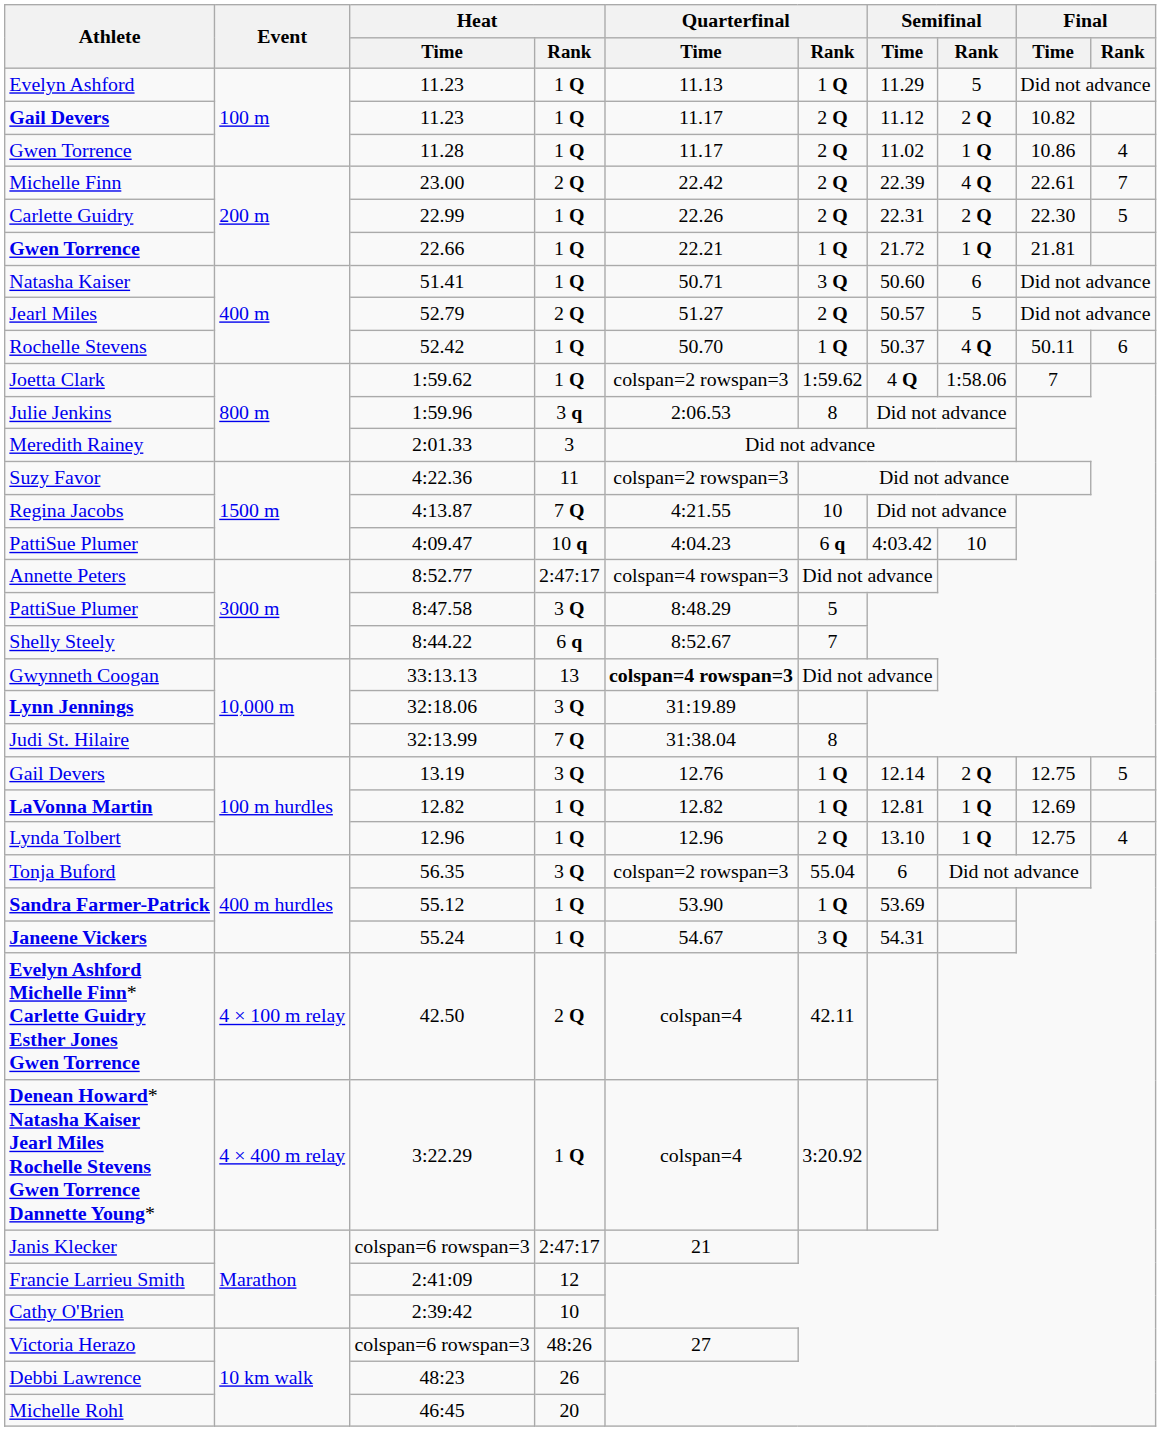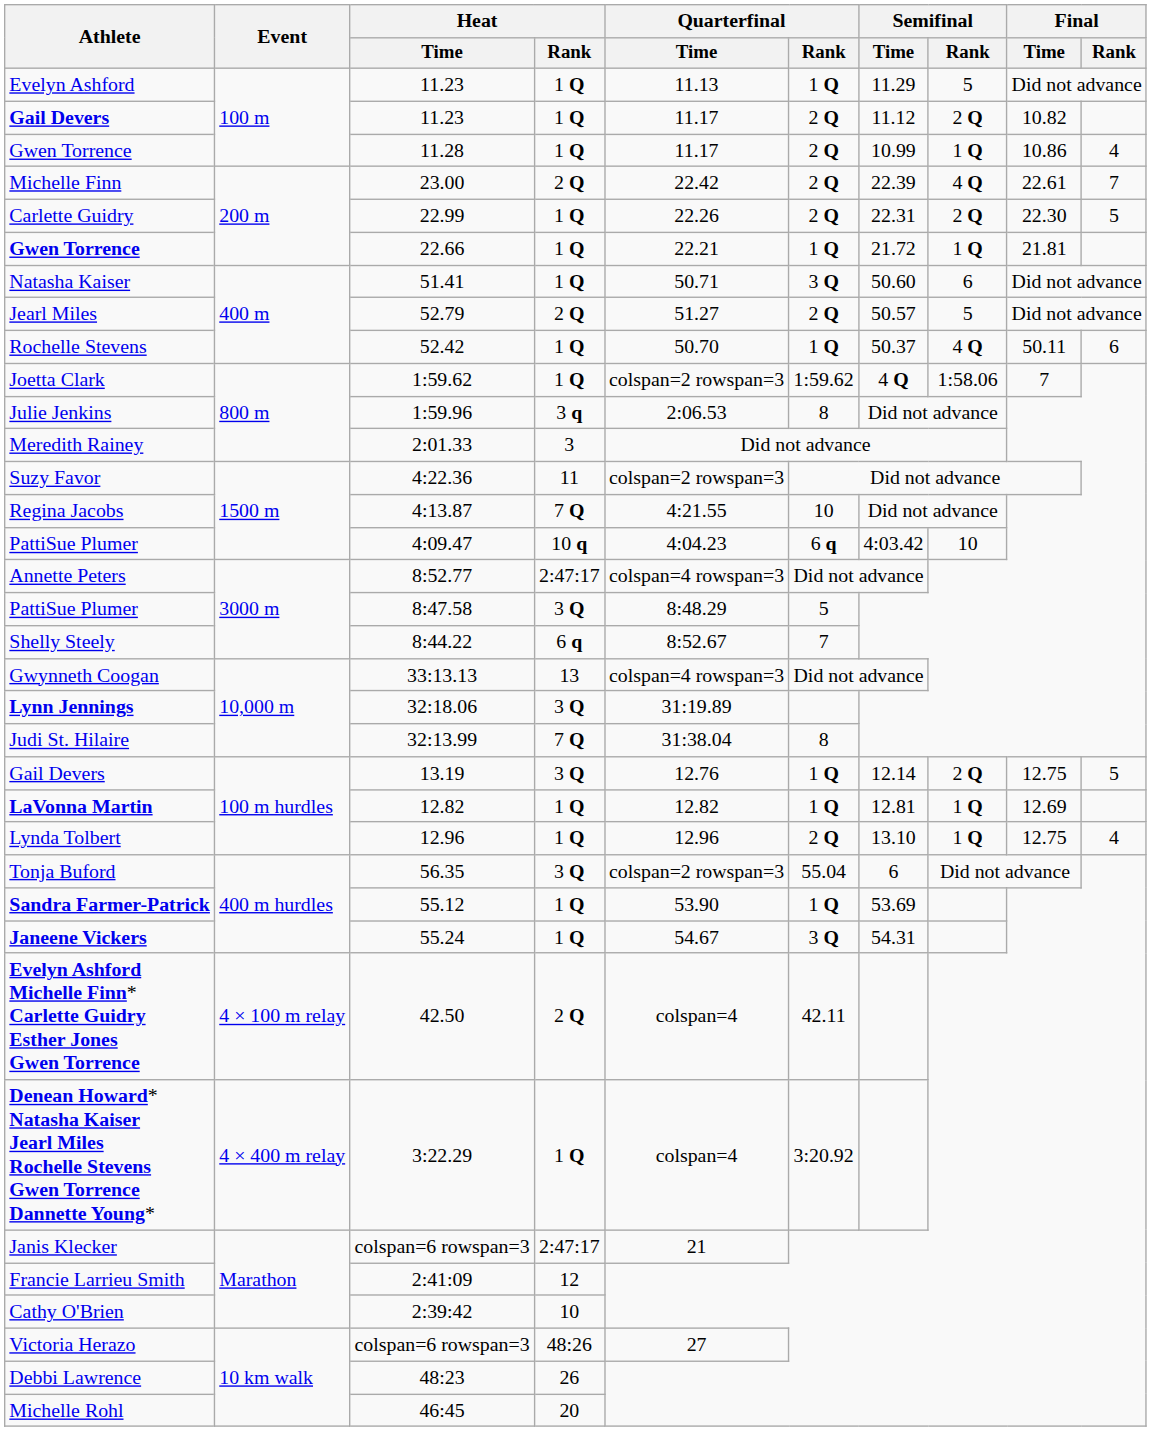 <table class=wikitable style=font-size:90%;text-align:center>
 <tr>
 <th rowspan=2>Athlete</th>
 <th rowspan=2>Event</th>
 <th colspan=2>Heat</th>
 <th colspan=2>Quarterfinal</th>
 <th colspan=2>Semifinal</th>
 <th colspan=2>Final</th>
 </tr>
 <tr style=font-size:95%>
 <th>Time</th>
 <th>Rank</th>
 <th>Time</th>
 <th>Rank</th>
 <th>Time</th>
 <th>Rank</th>
 <th>Time</th>
 <th>Rank</th>
 </tr>
 <tr>
 <td align=left><a href='#'>Evelyn Ashford</a></td>
 <td align=left rowspan=3><a href='#'>100 m</a></td>
 <td>11.23</td>
 <td>1 <strong>Q</strong></td>
 <td>11.13</td>
 <td>1 <strong>Q</strong></td>
 <td>11.29</td>
 <td>5</td>
 <td colspan=2>Did not advance</td>
 </tr>
 <tr>
 <td align=left><strong><a href='#'>Gail Devers</a></strong></td>
 <td>11.23</td>
 <td>1 <strong>Q</strong></td>
 <td>11.17</td>
 <td>2 <strong>Q</strong></td>
 <td>11.12</td>
 <td>2 <strong>Q</strong></td>
 <td>10.82</td>
 <td></td>
 </tr>
 <tr>
 <td align=left><a href='#'>Gwen Torrence</a></td>
 <td>11.28</td>
 <td>1 <strong>Q</strong></td>
 <td>11.17</td>
 <td>2 <strong>Q</strong></td>
-<td>11.02</td>
+<td>10.99</td>
 <td>1 <strong>Q</strong></td>
 <td>10.86</td>
 <td>4</td>
 </tr>
 <tr>
 <td align=left><a href='#'>Michelle Finn</a></td>
 <td align=left rowspan=3><a href='#'>200 m</a></td>
 <td>23.00</td>
 <td>2 <strong>Q</strong></td>
 <td>22.42</td>
 <td>2 <strong>Q</strong></td>
 <td>22.39</td>
 <td>4 <strong>Q</strong></td>
 <td>22.61</td>
 <td>7</td>
 </tr>
 <tr>
 <td align=left><a href='#'>Carlette Guidry</a></td>
 <td>22.99</td>
 <td>1 <strong>Q</strong></td>
 <td>22.26</td>
 <td>2 <strong>Q</strong></td>
 <td>22.31</td>
 <td>2 <strong>Q</strong></td>
 <td>22.30</td>
 <td>5</td>
 </tr>
 <tr>
 <td align=left><strong><a href='#'>Gwen Torrence</a></strong></td>
 <td>22.66</td>
 <td>1 <strong>Q</strong></td>
 <td>22.21</td>
 <td>1 <strong>Q</strong></td>
 <td>21.72</td>
 <td>1 <strong>Q</strong></td>
 <td>21.81</td>
 <td></td>
 </tr>
 <tr>
 <td align=left><a href='#'>Natasha Kaiser</a></td>
 <td align=left rowspan=3><a href='#'>400 m</a></td>
 <td>51.41</td>
 <td>1 <strong>Q</strong></td>
 <td>50.71</td>
 <td>3 <strong>Q</strong></td>
 <td>50.60</td>
 <td>6</td>
 <td colspan=2>Did not advance</td>
 </tr>
 <tr>
 <td align=left><a href='#'>Jearl Miles</a></td>
 <td>52.79</td>
 <td>2 <strong>Q</strong></td>
 <td>51.27</td>
 <td>2 <strong>Q</strong></td>
 <td>50.57</td>
 <td>5</td>
 <td colspan=2>Did not advance</td>
 </tr>
 <tr>
 <td align=left><a href='#'>Rochelle Stevens</a></td>
 <td>52.42</td>
 <td>1 <strong>Q</strong></td>
 <td>50.70</td>
 <td>1 <strong>Q</strong></td>
 <td>50.37</td>
 <td>4 <strong>Q</strong></td>
 <td>50.11</td>
 <td>6</td>
 </tr>
 <tr>
 <td align=left><a href='#'>Joetta Clark</a></td>
 <td align=left rowspan=3><a href='#'>800 m</a></td>
 <td>1:59.62</td>
 <td>1 <strong>Q</strong></td>
 <td>colspan=2 rowspan=3 </td>
 <td>1:59.62</td>
 <td>4 <strong>Q</strong></td>
 <td>1:58.06</td>
 <td>7</td>
 </tr>
 <tr>
 <td align=left><a href='#'>Julie Jenkins</a></td>
 <td>1:59.96</td>
 <td>3 <strong>q</strong></td>
 <td>2:06.53</td>
 <td>8</td>
 <td colspan=2>Did not advance</td>
 </tr>
 <tr>
 <td align=left><a href='#'>Meredith Rainey</a></td>
 <td>2:01.33</td>
 <td>3</td>
 <td colspan=4>Did not advance</td>
 </tr>
 <tr>
 <td align=left><a href='#'>Suzy Favor</a></td>
 <td align=left rowspan=3><a href='#'>1500 m</a></td>
 <td>4:22.36</td>
 <td>11</td>
 <td>colspan=2 rowspan=3 </td>
 <td colspan=4>Did not advance</td>
 </tr>
 <tr>
 <td align=left><a href='#'>Regina Jacobs</a></td>
 <td>4:13.87</td>
 <td>7 <strong>Q</strong></td>
 <td>4:21.55</td>
 <td>10</td>
 <td colspan=2>Did not advance</td>
 </tr>
 <tr>
 <td align=left><a href='#'>PattiSue Plumer</a></td>
 <td>4:09.47</td>
 <td>10 <strong>q</strong></td>
 <td>4:04.23</td>
 <td>6 <strong>q</strong></td>
 <td>4:03.42</td>
 <td>10</td>
 </tr>
 <tr>
 <td align=left><a href='#'>Annette Peters</a></td>
 <td align=left rowspan=3><a href='#'>3000 m</a></td>
 <td>8:52.77</td>
 <td>2:47:17</td>
 <td>colspan=4 rowspan=3 </td>
 <td colspan=2>Did not advance</td>
 </tr>
 <tr>
 <td align=left><a href='#'>PattiSue Plumer</a></td>
 <td>8:47.58</td>
 <td>3 <strong>Q</strong></td>
 <td>8:48.29</td>
 <td>5</td>
 </tr>
 <tr>
 <td align=left><a href='#'>Shelly Steely</a></td>
 <td>8:44.22</td>
 <td>6 <strong>q</strong></td>
 <td>8:52.67</td>
 <td>7</td>
 </tr>
 <tr>
 <td align=left><a href='#'>Gwynneth Coogan</a></td>
 <td align=left rowspan=3><a href='#'>10,000 m</a></td>
 <td>33:13.13</td>
 <td>13</td>
-<td><strong>colspan=4 rowspan=3 </strong></td>
+<td>colspan=4 rowspan=3 </td>
 <td colspan=2>Did not advance</td>
 </tr>
 <tr>
 <td align=left><strong><a href='#'>Lynn Jennings</a></strong></td>
 <td>32:18.06</td>
 <td>3 <strong>Q</strong></td>
 <td>31:19.89</td>
 <td></td>
 </tr>
 <tr>
 <td align=left><a href='#'>Judi St. Hilaire</a></td>
 <td>32:13.99</td>
 <td>7 <strong>Q</strong></td>
 <td>31:38.04</td>
 <td>8</td>
 </tr>
 <tr>
 <td align=left><a href='#'>Gail Devers</a></td>
 <td align=left rowspan=3><a href='#'>100 m hurdles</a></td>
 <td>13.19</td>
 <td>3 <strong>Q</strong></td>
 <td>12.76</td>
 <td>1 <strong>Q</strong></td>
 <td>12.14</td>
 <td>2 <strong>Q</strong></td>
 <td>12.75</td>
 <td>5</td>
 </tr>
 <tr>
 <td align=left><strong><a href='#'>LaVonna Martin</a></strong></td>
 <td>12.82</td>
 <td>1 <strong>Q</strong></td>
 <td>12.82</td>
 <td>1 <strong>Q</strong></td>
 <td>12.81</td>
 <td>1 <strong>Q</strong></td>
 <td>12.69</td>
 <td></td>
 </tr>
 <tr>
 <td align=left><a href='#'>Lynda Tolbert</a></td>
 <td>12.96</td>
 <td>1 <strong>Q</strong></td>
 <td>12.96</td>
 <td>2 <strong>Q</strong></td>
 <td>13.10</td>
 <td>1 <strong>Q</strong></td>
 <td>12.75</td>
 <td>4</td>
 </tr>
 <tr>
 <td align=left><a href='#'>Tonja Buford</a></td>
 <td align=left rowspan=3><a href='#'>400 m hurdles</a></td>
 <td>56.35</td>
 <td>3 <strong>Q</strong></td>
 <td>colspan=2 rowspan=3 </td>
 <td>55.04</td>
 <td>6</td>
 <td colspan=2>Did not advance</td>
 </tr>
 <tr>
 <td align=left><strong><a href='#'>Sandra Farmer-Patrick</a></strong></td>
 <td>55.12</td>
 <td>1 <strong>Q</strong></td>
 <td>53.90</td>
 <td>1 <strong>Q</strong></td>
 <td>53.69</td>
 <td></td>
 </tr>
 <tr>
 <td align=left><strong><a href='#'>Janeene Vickers</a></strong></td>
 <td>55.24</td>
 <td>1 <strong>Q</strong></td>
 <td>54.67</td>
 <td>3 <strong>Q</strong></td>
 <td>54.31</td>
 <td></td>
 </tr>
 <tr>
 <td align=left><strong><a href='#'>Evelyn Ashford</a><br><a href='#'>Michelle Finn</a></strong>*<strong><br><a href='#'>Carlette Guidry</a><br><a href='#'>Esther Jones</a><br><a href='#'>Gwen Torrence</a></strong></td>
 <td align=left><a href='#'>4 × 100 m relay</a></td>
 <td>42.50</td>
 <td>2 <strong>Q</strong></td>
 <td>colspan=4 </td>
 <td>42.11</td>
 <td></td>
 </tr>
 <tr>
 <td align=left><strong><a href='#'>Denean Howard</a></strong>*<strong><br><a href='#'>Natasha Kaiser</a><br><a href='#'>Jearl Miles</a><br><a href='#'>Rochelle Stevens</a><br><a href='#'>Gwen Torrence</a><br><a href='#'>Dannette Young</a></strong>*</td>
 <td align=left><a href='#'>4 × 400 m relay</a></td>
 <td>3:22.29</td>
 <td>1 <strong>Q</strong></td>
 <td>colspan=4 </td>
 <td>3:20.92</td>
 <td></td>
 </tr>
 <tr>
 <td align=left><a href='#'>Janis Klecker</a></td>
 <td align=left rowspan=3><a href='#'>Marathon</a></td>
 <td>colspan=6 rowspan=3 </td>
 <td>2:47:17</td>
 <td>21</td>
 </tr>
 <tr>
 <td align=left><a href='#'>Francie Larrieu Smith</a></td>
 <td>2:41:09</td>
 <td>12</td>
 </tr>
 <tr>
 <td align=left><a href='#'>Cathy O'Brien</a></td>
 <td>2:39:42</td>
 <td>10</td>
 </tr>
 <tr>
 <td align=left><a href='#'>Victoria Herazo</a></td>
 <td align=left rowspan=3><a href='#'>10 km walk</a></td>
 <td>colspan=6 rowspan=3 </td>
 <td>48:26</td>
 <td>27</td>
 </tr>
 <tr>
 <td align=left><a href='#'>Debbi Lawrence</a></td>
 <td>48:23</td>
 <td>26</td>
 </tr>
 <tr>
 <td align=left><a href='#'>Michelle Rohl</a></td>
 <td>46:45</td>
 <td>20</td>
 </tr>
 </table>
